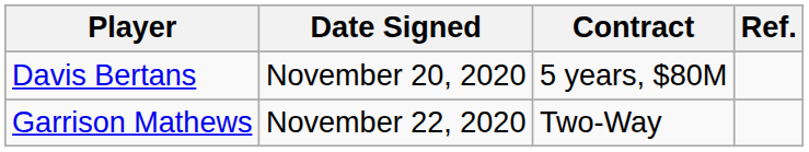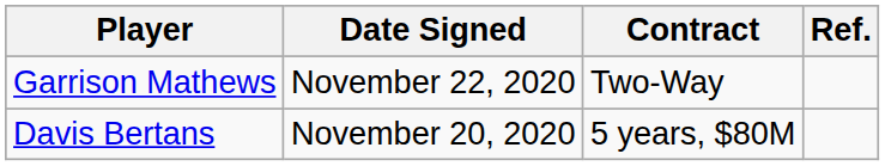 <table class="wikitable sortable sortable">
 <tr>
 <th>Player</th>
 <th>Date Signed</th>
 <th>Contract</th>
 <th>Ref.</th>
 </tr>
 <tr>
+<td><a href='#'>Garrison Mathews</a></td>
+<td>November 22, 2020</td>
+<td>Two-Way</td>
+<td></td>
+</tr>
+<tr>
 <td><a href='#'>Davis Bertans</a></td>
 <td>November 20, 2020</td>
 <td>5 years, $80M</td>
 <td></td>
 </tr>
-<tr>
-<td><a href='#'>Garrison Mathews</a></td>
-<td>November 22, 2020</td>
-<td>Two-Way</td>
-<td></td>
-</tr>
 </table>
